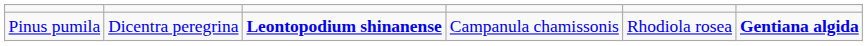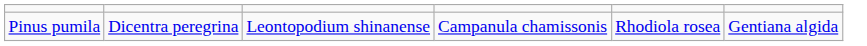 <table class="wikitable">
 <tr>
 <td></td>
 <td></td>
 <td></td>
 <td></td>
 <td></td>
 <td></td>
 </tr>
 <tr>
 <td><a href='#'>Pinus pumila</a></td>
 <td><a href='#'>Dicentra peregrina</a></td>
-<td><strong><a href='#'>Leontopodium shinanense</a></strong></td>
+<td><a href='#'>Leontopodium shinanense</a></td>
 <td><a href='#'>Campanula chamissonis</a></td>
 <td><a href='#'>Rhodiola rosea</a></td>
-<td><strong><a href='#'>Gentiana algida</a></strong></td>
+<td><a href='#'>Gentiana algida</a></td>
 </tr>
 </table>
